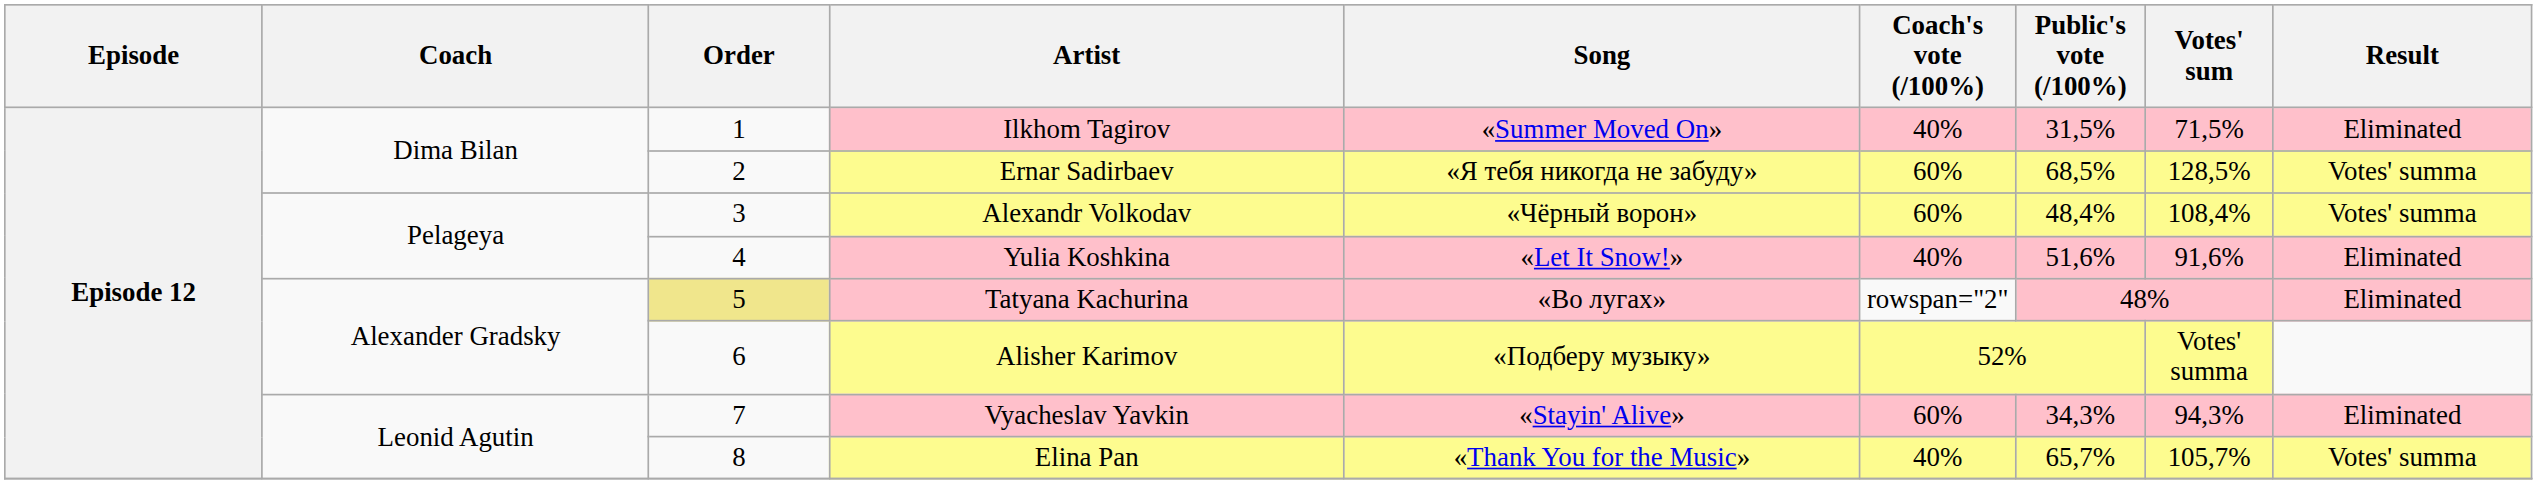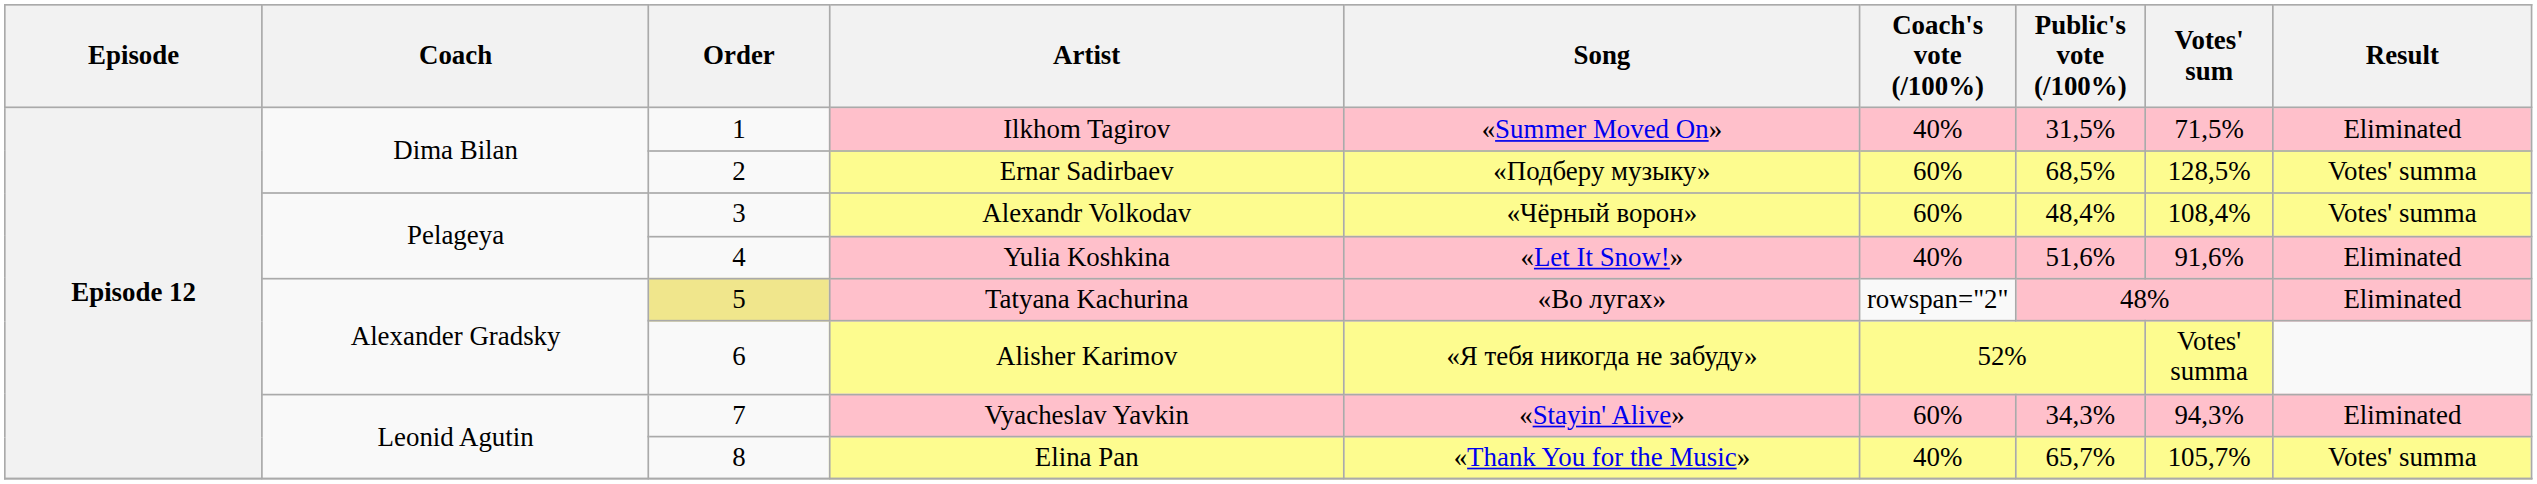 <table class="wikitable" style="text-align:center; width:95%;">
 <tr>
 <th style="width:10%;">Episode</th>
 <th style="width:15%;">Coach</th>
 <th style="width:7%;">Order</th>
 <th style="width:20%;">Artist</th>
 <th style="width:20%;">Song</th>
 <th style="width:5%;">Coach's vote (/100%)</th>
 <th style="width:5%;">Public's vote (/100%)</th>
 <th style="width:5%;">Votes' sum</th>
 <th style="width:10%;">Result</th>
 </tr>
 <tr>
 <th rowspan=8>Episode 12<br><small></small></th>
 <td rowspan=2>Dima Bilan</td>
 <td>1</td>
 <td style="background:pink;">Ilkhom Tagirov</td>
 <td style="background:pink;">«<a href='#'>Summer Moved On</a>»</td>
 <td style="background:pink;">40%</td>
 <td style="background:pink;">31,5%</td>
 <td style="background:pink;">71,5%</td>
 <td style="background:pink;">Eliminated</td>
 </tr>
 <tr>
 <td>2</td>
 <td style="background:#fdfc8f;">Ernar Sadirbaev</td>
-<td style="background:#fdfc8f;">«Я тебя никогда не забуду»</td>
+<td style="background:#fdfc8f;">«Подберу музыку»</td>
 <td style="background:#fdfc8f;">60%</td>
 <td style="background:#fdfc8f;">68,5%</td>
 <td style="background:#fdfc8f;">128,5%</td>
 <td style="background:#fdfc8f;">Votes' summa</td>
 </tr>
 <tr>
 <td rowspan=2>Pelageya</td>
 <td>3</td>
 <td style="background:#fdfc8f;">Alexandr Volkodav</td>
 <td style="background:#fdfc8f;">«Чёрный ворон»</td>
 <td style="background:#fdfc8f;">60%</td>
 <td style="background:#fdfc8f;">48,4%</td>
 <td style="background:#fdfc8f;">108,4%</td>
 <td style="background:#fdfc8f;">Votes' summa</td>
 </tr>
 <tr>
 <td>4</td>
 <td style="background:pink;">Yulia Koshkina</td>
 <td style="background:pink;">«<a href='#'>Let It Snow!</a>»</td>
 <td style="background:pink;">40%</td>
 <td style="background:pink;">51,6%</td>
 <td style="background:pink;">91,6%</td>
 <td style="background:pink;">Eliminated</td>
 </tr>
 <tr>
 <td rowspan=2>Alexander Gradsky</td>
 <td style="background: khaki;">5</td>
 <td style="background:pink;">Tatyana Kachurina</td>
 <td style="background:pink;">«Во лугах»</td>
 <td>rowspan="2" </td>
 <td colspan=2  style="background:pink;">48%</td>
 <td style="background:pink;">Eliminated</td>
 </tr>
 <tr>
 <td>6</td>
 <td style="background:#fdfc8f;">Alisher Karimov</td>
-<td style="background:#fdfc8f;">«Подберу музыку»</td>
+<td style="background:#fdfc8f;">«Я тебя никогда не забуду»</td>
 <td colspan=2  style="background:#fdfc8f;">52%</td>
 <td style="background:#fdfc8f;">Votes' summa</td>
 </tr>
 <tr>
 <td rowspan=2>Leonid Agutin</td>
 <td>7</td>
 <td style="background:pink;">Vyacheslav Yavkin</td>
 <td style="background:pink;">«<a href='#'>Stayin' Alive</a>»</td>
 <td style="background:pink;">60%</td>
 <td style="background:pink;">34,3%</td>
 <td style="background:pink;">94,3%</td>
 <td style="background:pink;">Eliminated</td>
 </tr>
 <tr>
 <td>8</td>
 <td style="background:#fdfc8f;">Elina Pan</td>
 <td style="background:#fdfc8f;">«<a href='#'>Thank You for the Music</a>»</td>
 <td style="background:#fdfc8f;">40%</td>
 <td style="background:#fdfc8f;">65,7%</td>
 <td style="background:#fdfc8f;">105,7%</td>
 <td style="background:#fdfc8f;">Votes' summa</td>
 </tr>
 <tr>
 </tr>
 </table>
